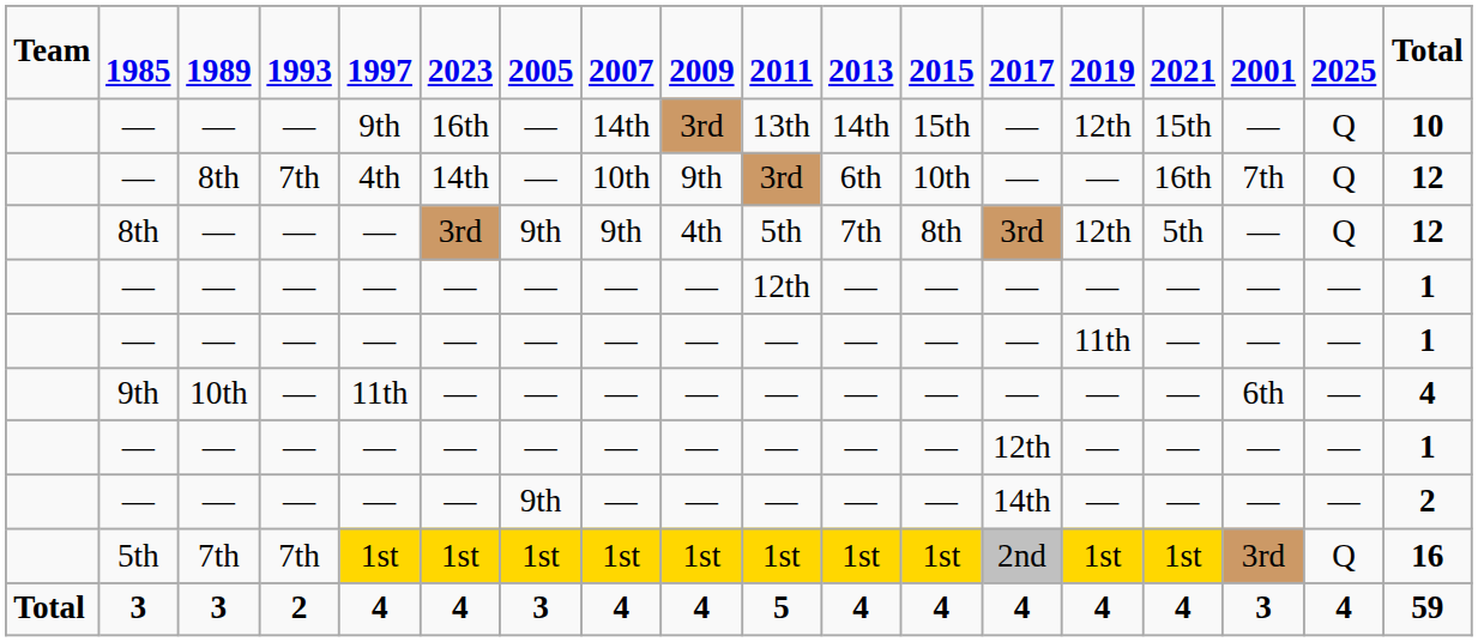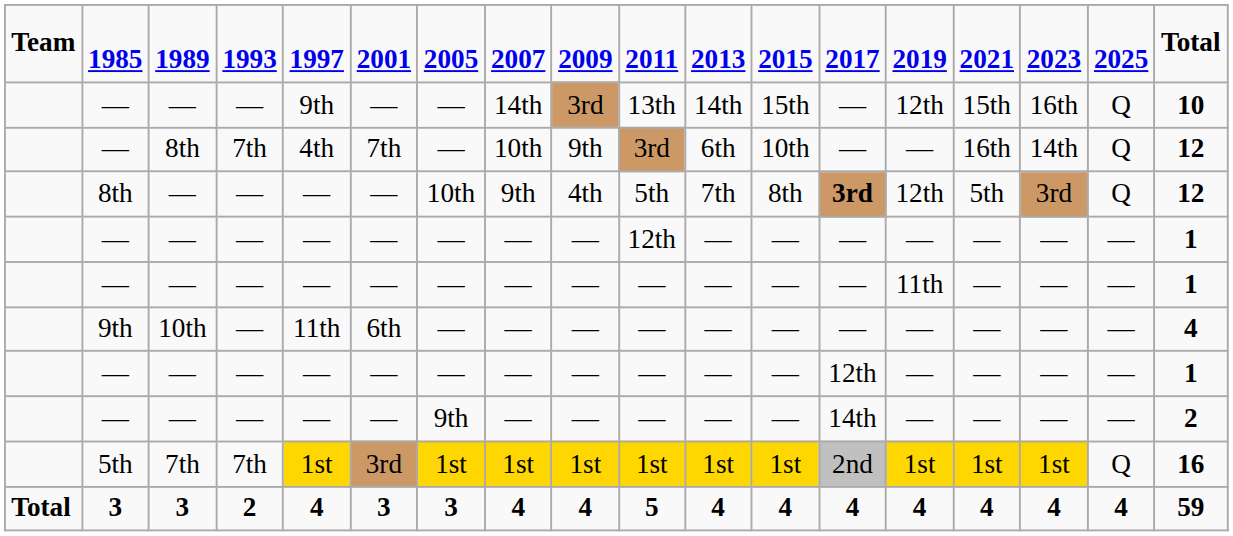 <table class="wikitable" style="text-align:center; font-size:90%">
 <tr bgcolor=>
 <td><strong>Team</strong></td>
 <td><strong><br><a href='#'>1985</a></strong></td>
 <td><strong><br><a href='#'>1989</a></strong></td>
 <td><strong><br><a href='#'>1993</a></strong></td>
 <td><strong><br><a href='#'>1997</a></strong></td>
-<td><strong><br><a href='#'>2023</a></strong></td>
+<td><strong><br><a href='#'>2001</a></strong></td>
 <td><strong><br><a href='#'>2005</a></strong></td>
 <td><strong><br><a href='#'>2007</a></strong></td>
 <td><strong><br><a href='#'>2009</a></strong></td>
 <td><strong><br><a href='#'>2011</a></strong></td>
 <td><strong><br><a href='#'>2013</a></strong></td>
 <td><strong><br><a href='#'>2015</a></strong></td>
 <td><strong><br><a href='#'>2017</a></strong></td>
 <td><strong><br><a href='#'>2019</a></strong></td>
 <td><strong><br><a href='#'>2021</a></strong></td>
-<td><strong><br><a href='#'>2001</a></strong></td>
+<td><strong><br><a href='#'>2023</a></strong></td>
 <td><strong><br><a href='#'>2025</a></strong></td>
 <td><strong>Total</strong></td>
 </tr>
 <tr>
 <td align=left></td>
 <td>—</td>
 <td>—</td>
 <td>—</td>
 <td>9th</td>
-<td>16th</td>
+<td>—</td>
 <td>—</td>
 <td>14th</td>
 <td bgcolor=cc9966>3rd</td>
 <td>13th</td>
 <td>14th</td>
 <td>15th</td>
 <td>—</td>
 <td>12th</td>
 <td>15th</td>
-<td>—</td>
+<td>16th</td>
 <td>Q</td>
 <td><strong>10</strong></td>
 </tr>
 <tr>
 <td align=left></td>
 <td>—</td>
 <td>8th</td>
 <td>7th</td>
 <td>4th</td>
-<td>14th</td>
+<td>7th</td>
 <td>—</td>
 <td>10th</td>
 <td>9th</td>
 <td bgcolor=cc9966>3rd</td>
 <td>6th</td>
 <td>10th</td>
 <td>—</td>
 <td>—</td>
 <td>16th</td>
-<td>7th</td>
+<td>14th</td>
 <td>Q</td>
 <td><strong>12</strong></td>
 </tr>
 <tr>
 <td align=left></td>
 <td>8th</td>
 <td>—</td>
 <td>—</td>
 <td>—</td>
-<td bgcolor=cc9966>3rd</td>
-<td>9th</td>
+<td>—</td>
+<td>10th</td>
 <td>9th</td>
 <td>4th</td>
 <td>5th</td>
 <td>7th</td>
 <td>8th</td>
-<td bgcolor=cc9966>3rd</td>
+<td bgcolor=cc9966><strong>3rd</strong></td>
 <td>12th</td>
 <td>5th</td>
-<td>—</td>
+<td bgcolor=cc9966>3rd</td>
 <td>Q</td>
 <td><strong>12</strong></td>
 </tr>
 <tr>
 <td align=left></td>
 <td>—</td>
 <td>—</td>
 <td>—</td>
 <td>—</td>
 <td>—</td>
 <td>—</td>
 <td>—</td>
 <td>—</td>
 <td>12th</td>
 <td>—</td>
 <td>—</td>
 <td>—</td>
 <td>—</td>
 <td>—</td>
 <td>—</td>
 <td>—</td>
 <td><strong>1</strong></td>
 </tr>
 <tr>
 <td align=left></td>
 <td>—</td>
 <td>—</td>
 <td>—</td>
 <td>—</td>
 <td>—</td>
 <td>—</td>
 <td>—</td>
 <td>—</td>
 <td>—</td>
 <td>—</td>
 <td>—</td>
 <td>—</td>
 <td>11th</td>
 <td>—</td>
 <td>—</td>
 <td>—</td>
 <td><strong>1</strong></td>
 </tr>
 <tr>
 <td align=left></td>
 <td>9th</td>
 <td>10th</td>
 <td>—</td>
 <td>11th</td>
+<td>6th</td>
 <td>—</td>
 <td>—</td>
 <td>—</td>
 <td>—</td>
 <td>—</td>
 <td>—</td>
 <td>—</td>
 <td>—</td>
 <td>—</td>
 <td>—</td>
-<td>6th</td>
 <td>—</td>
 <td><strong>4</strong></td>
 </tr>
 <tr>
 <td align=left></td>
 <td>—</td>
 <td>—</td>
 <td>—</td>
 <td>—</td>
 <td>—</td>
 <td>—</td>
 <td>—</td>
 <td>—</td>
 <td>—</td>
 <td>—</td>
 <td>—</td>
 <td>12th</td>
 <td>—</td>
 <td>—</td>
 <td>—</td>
 <td>—</td>
 <td><strong>1</strong></td>
 </tr>
 <tr>
 <td align=left></td>
 <td>—</td>
 <td>—</td>
 <td>—</td>
 <td>—</td>
 <td>—</td>
 <td>9th</td>
 <td>—</td>
 <td>—</td>
 <td>—</td>
 <td>—</td>
 <td>—</td>
 <td>14th</td>
 <td>—</td>
 <td>—</td>
 <td>—</td>
 <td>—</td>
 <td><strong>2</strong></td>
 </tr>
 <tr>
 <td align=left></td>
 <td>5th</td>
 <td>7th</td>
 <td>7th</td>
 <td bgcolor=gold>1st</td>
-<td bgcolor=gold>1st</td>
+<td bgcolor=cc9966>3rd</td>
 <td bgcolor=gold>1st</td>
 <td bgcolor=gold>1st</td>
 <td bgcolor=gold>1st</td>
 <td bgcolor=gold>1st</td>
 <td bgcolor=gold>1st</td>
 <td bgcolor=gold>1st</td>
 <td bgcolor=silver>2nd</td>
 <td bgcolor=gold>1st</td>
 <td bgcolor=gold>1st</td>
-<td bgcolor=cc9966>3rd</td>
+<td bgcolor=gold>1st</td>
 <td>Q</td>
 <td><strong>16</strong></td>
 </tr>
 <tr>
 <td align=left><strong>Total</strong></td>
 <td><strong>3</strong></td>
 <td><strong>3</strong></td>
 <td><strong>2</strong></td>
 <td><strong>4</strong></td>
-<td><strong>4</strong></td>
+<td><strong>3</strong></td>
 <td><strong>3</strong></td>
 <td><strong>4</strong></td>
 <td><strong>4</strong></td>
 <td><strong>5</strong></td>
 <td><strong>4</strong></td>
 <td><strong>4</strong></td>
 <td><strong>4</strong></td>
 <td><strong>4</strong></td>
 <td><strong>4</strong></td>
-<td><strong>3</strong></td>
+<td><strong>4</strong></td>
 <td><strong>4</strong></td>
 <td><strong>59</strong></td>
 </tr>
 </table>
